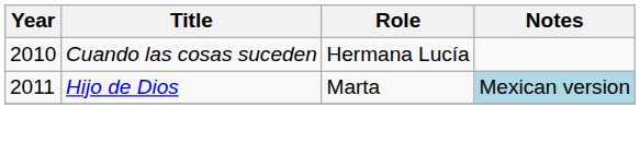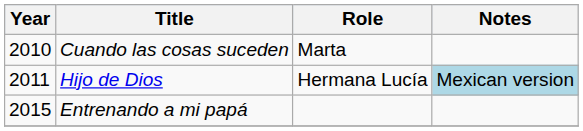 <table class="wikitable">
 <tr style="background:#b0c4de;">
 <th>Year</th>
 <th>Title</th>
 <th>Role</th>
 <th>Notes</th>
 </tr>
 <tr>
 <td>2010</td>
 <td><em>Cuando las cosas suceden</em></td>
-<td>Hermana Lucía</td>
+<td>Marta</td>
 <td></td>
 </tr>
 <tr>
 <td>2011</td>
 <td><em><a href='#'>Hijo de Dios</a></em></td>
-<td>Marta</td>
+<td>Hermana Lucía</td>
 <td style="background: lightblue;">Mexican version</td>
+</tr>
+<tr>
+<td>2015</td>
+<td><em>Entrenando a mi papá</em></td>
+<td></td>
+<td></td>
 </tr>
 <tr>
 </tr>
 </table>
